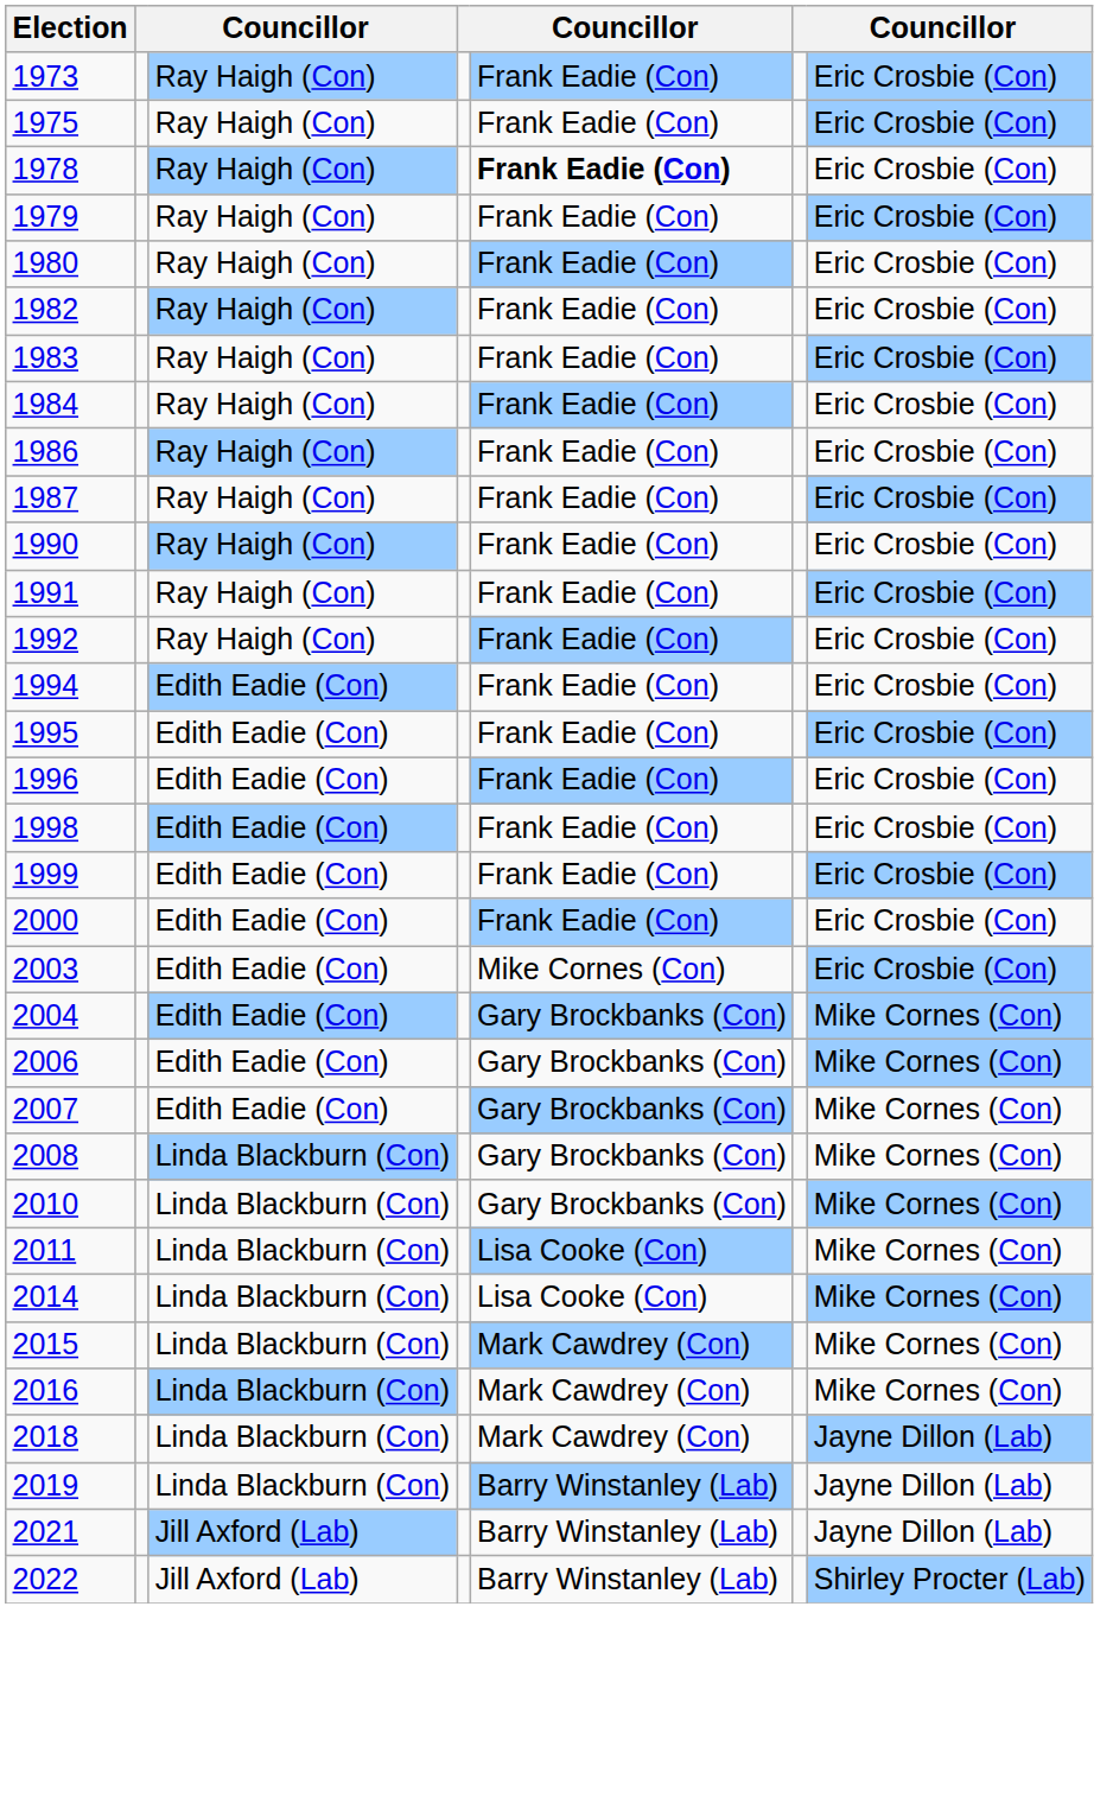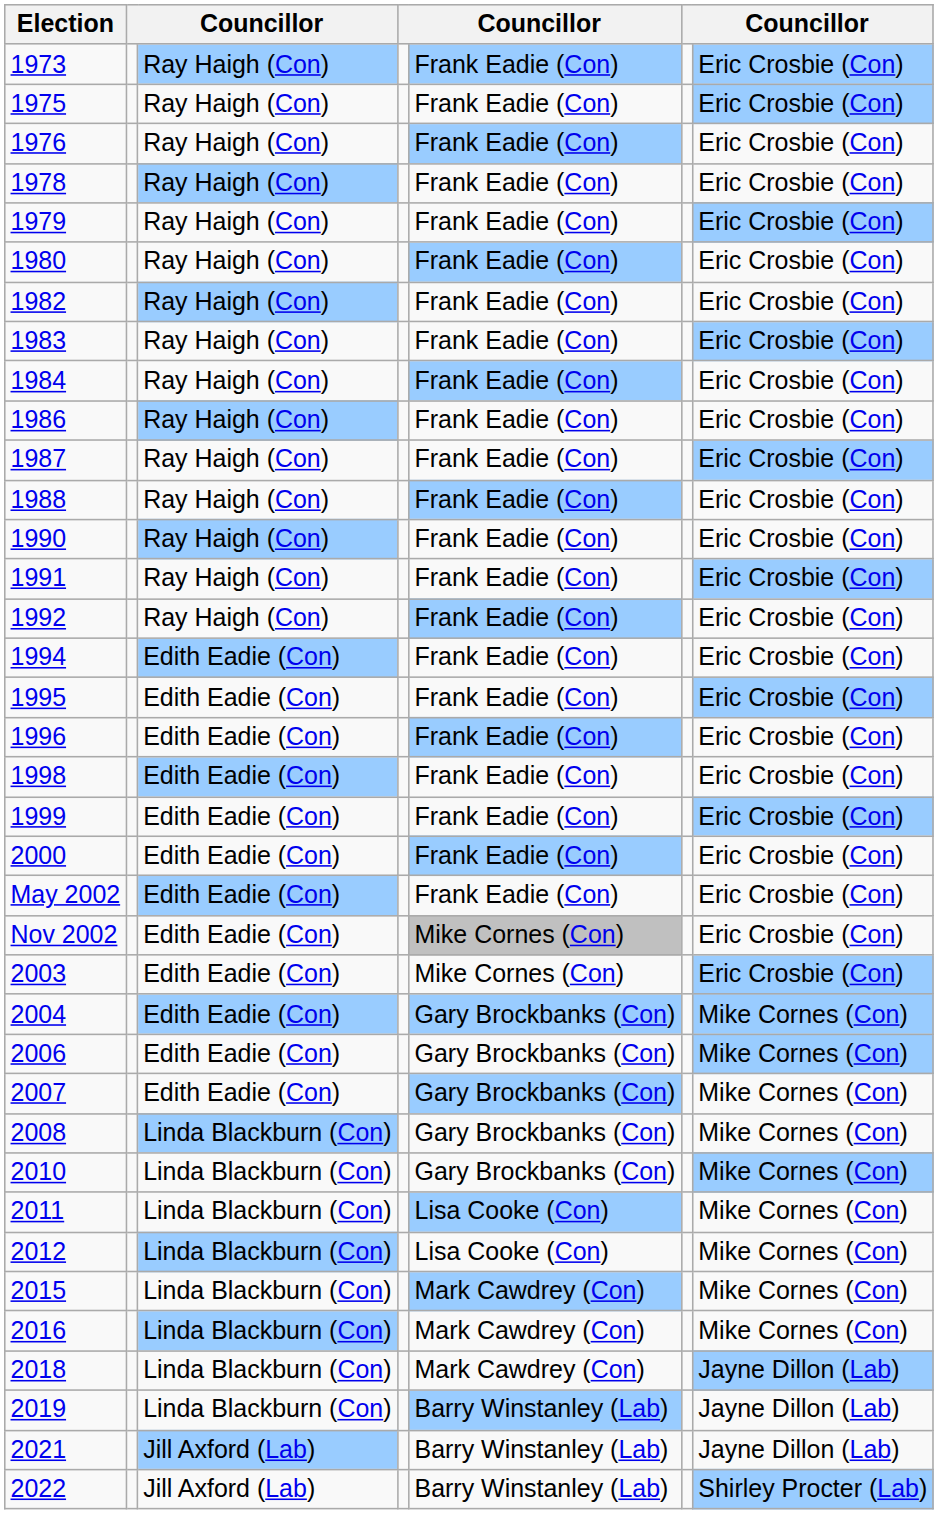 <table class="wikitable">
 <tr>
 <th>Election</th>
 <th colspan="2">Councillor</th>
 <th colspan="2">Councillor</th>
 <th colspan="2">Councillor</th>
 </tr>
 <tr>
 <td><a href='#'>1973</a></td>
 <td style="background-color: "></td>
 <td bgcolor="#99CCFF">Ray Haigh (<a href='#'>Con</a>)</td>
 <td style="background-color: "></td>
 <td bgcolor="#99CCFF">Frank Eadie (<a href='#'>Con</a>)</td>
 <td style="background-color: "></td>
 <td bgcolor="#99CCFF">Eric Crosbie (<a href='#'>Con</a>)</td>
 </tr>
 <tr>
 <td><a href='#'>1975</a></td>
 <td style="background-color: "></td>
 <td>Ray Haigh (<a href='#'>Con</a>)</td>
 <td style="background-color: "></td>
 <td>Frank Eadie (<a href='#'>Con</a>)</td>
 <td style="background-color: "></td>
 <td bgcolor="#99CCFF">Eric Crosbie (<a href='#'>Con</a>)</td>
 </tr>
 <tr>
+<td><a href='#'>1976</a></td>
+<td style="background-color: "></td>
+<td>Ray Haigh (<a href='#'>Con</a>)</td>
+<td style="background-color: "></td>
+<td bgcolor="#99CCFF">Frank Eadie (<a href='#'>Con</a>)</td>
+<td style="background-color: "></td>
+<td>Eric Crosbie (<a href='#'>Con</a>)</td>
+</tr>
+<tr>
 <td><a href='#'>1978</a></td>
 <td style="background-color: "></td>
 <td bgcolor="#99CCFF">Ray Haigh (<a href='#'>Con</a>)</td>
 <td style="background-color: "></td>
-<td><strong>Frank Eadie (<a href='#'>Con</a>)</strong></td>
+<td>Frank Eadie (<a href='#'>Con</a>)</td>
 <td style="background-color: "></td>
 <td>Eric Crosbie (<a href='#'>Con</a>)</td>
 </tr>
 <tr>
 <td><a href='#'>1979</a></td>
 <td style="background-color: "></td>
 <td>Ray Haigh (<a href='#'>Con</a>)</td>
 <td style="background-color: "></td>
 <td>Frank Eadie (<a href='#'>Con</a>)</td>
 <td style="background-color: "></td>
 <td bgcolor="#99CCFF">Eric Crosbie (<a href='#'>Con</a>)</td>
 </tr>
 <tr>
 <td><a href='#'>1980</a></td>
 <td style="background-color: "></td>
 <td>Ray Haigh (<a href='#'>Con</a>)</td>
 <td style="background-color: "></td>
 <td bgcolor="#99CCFF">Frank Eadie (<a href='#'>Con</a>)</td>
 <td style="background-color: "></td>
 <td>Eric Crosbie (<a href='#'>Con</a>)</td>
 </tr>
 <tr>
 <td><a href='#'>1982</a></td>
 <td style="background-color: "></td>
 <td bgcolor="#99CCFF">Ray Haigh (<a href='#'>Con</a>)</td>
 <td style="background-color: "></td>
 <td>Frank Eadie (<a href='#'>Con</a>)</td>
 <td style="background-color: "></td>
 <td>Eric Crosbie (<a href='#'>Con</a>)</td>
 </tr>
 <tr>
 <td><a href='#'>1983</a></td>
 <td style="background-color: "></td>
 <td>Ray Haigh (<a href='#'>Con</a>)</td>
 <td style="background-color: "></td>
 <td>Frank Eadie (<a href='#'>Con</a>)</td>
 <td style="background-color: "></td>
 <td bgcolor="#99CCFF">Eric Crosbie (<a href='#'>Con</a>)</td>
 </tr>
 <tr>
 <td><a href='#'>1984</a></td>
 <td style="background-color: "></td>
 <td>Ray Haigh (<a href='#'>Con</a>)</td>
 <td style="background-color: "></td>
 <td bgcolor="#99CCFF">Frank Eadie (<a href='#'>Con</a>)</td>
 <td style="background-color: "></td>
 <td>Eric Crosbie (<a href='#'>Con</a>)</td>
 </tr>
 <tr>
 <td><a href='#'>1986</a></td>
 <td style="background-color: "></td>
 <td bgcolor="#99CCFF">Ray Haigh (<a href='#'>Con</a>)</td>
 <td style="background-color: "></td>
 <td>Frank Eadie (<a href='#'>Con</a>)</td>
 <td style="background-color: "></td>
 <td>Eric Crosbie (<a href='#'>Con</a>)</td>
 </tr>
 <tr>
 <td><a href='#'>1987</a></td>
 <td style="background-color: "></td>
 <td>Ray Haigh (<a href='#'>Con</a>)</td>
 <td style="background-color: "></td>
 <td>Frank Eadie (<a href='#'>Con</a>)</td>
 <td style="background-color: "></td>
 <td bgcolor="#99CCFF">Eric Crosbie (<a href='#'>Con</a>)</td>
+</tr>
+<tr>
+<td><a href='#'>1988</a></td>
+<td style="background-color: "></td>
+<td>Ray Haigh (<a href='#'>Con</a>)</td>
+<td style="background-color: "></td>
+<td bgcolor="#99CCFF">Frank Eadie (<a href='#'>Con</a>)</td>
+<td style="background-color: "></td>
+<td>Eric Crosbie (<a href='#'>Con</a>)</td>
 </tr>
 <tr>
 <td><a href='#'>1990</a></td>
 <td style="background-color: "></td>
 <td bgcolor="#99CCFF">Ray Haigh (<a href='#'>Con</a>)</td>
 <td style="background-color: "></td>
 <td>Frank Eadie (<a href='#'>Con</a>)</td>
 <td style="background-color: "></td>
 <td>Eric Crosbie (<a href='#'>Con</a>)</td>
 </tr>
 <tr>
 <td><a href='#'>1991</a></td>
 <td style="background-color: "></td>
 <td>Ray Haigh (<a href='#'>Con</a>)</td>
 <td style="background-color: "></td>
 <td>Frank Eadie (<a href='#'>Con</a>)</td>
 <td style="background-color: "></td>
 <td bgcolor="#99CCFF">Eric Crosbie (<a href='#'>Con</a>)</td>
 </tr>
 <tr>
 <td><a href='#'>1992</a></td>
 <td style="background-color: "></td>
 <td>Ray Haigh (<a href='#'>Con</a>)</td>
 <td style="background-color: "></td>
 <td bgcolor="#99CCFF">Frank Eadie (<a href='#'>Con</a>)</td>
 <td style="background-color: "></td>
 <td>Eric Crosbie (<a href='#'>Con</a>)</td>
 </tr>
 <tr>
 <td><a href='#'>1994</a></td>
 <td style="background-color: "></td>
 <td bgcolor="#99CCFF">Edith Eadie (<a href='#'>Con</a>)</td>
 <td style="background-color: "></td>
 <td>Frank Eadie (<a href='#'>Con</a>)</td>
 <td style="background-color: "></td>
 <td>Eric Crosbie (<a href='#'>Con</a>)</td>
 </tr>
 <tr>
 <td><a href='#'>1995</a></td>
 <td style="background-color: "></td>
 <td>Edith Eadie (<a href='#'>Con</a>)</td>
 <td style="background-color: "></td>
 <td>Frank Eadie (<a href='#'>Con</a>)</td>
 <td style="background-color: "></td>
 <td bgcolor="#99CCFF">Eric Crosbie (<a href='#'>Con</a>)</td>
 </tr>
 <tr>
 <td><a href='#'>1996</a></td>
 <td style="background-color: "></td>
 <td>Edith Eadie (<a href='#'>Con</a>)</td>
 <td style="background-color: "></td>
 <td bgcolor="#99CCFF">Frank Eadie (<a href='#'>Con</a>)</td>
 <td style="background-color: "></td>
 <td>Eric Crosbie (<a href='#'>Con</a>)</td>
 </tr>
 <tr>
 <td><a href='#'>1998</a></td>
 <td style="background-color: "></td>
 <td bgcolor="#99CCFF">Edith Eadie (<a href='#'>Con</a>)</td>
 <td style="background-color: "></td>
 <td>Frank Eadie (<a href='#'>Con</a>)</td>
 <td style="background-color: "></td>
 <td>Eric Crosbie (<a href='#'>Con</a>)</td>
 </tr>
 <tr>
 <td><a href='#'>1999</a></td>
 <td style="background-color: "></td>
 <td>Edith Eadie (<a href='#'>Con</a>)</td>
 <td style="background-color: "></td>
 <td>Frank Eadie (<a href='#'>Con</a>)</td>
 <td style="background-color: "></td>
 <td bgcolor="#99CCFF">Eric Crosbie (<a href='#'>Con</a>)</td>
 </tr>
 <tr>
 <td><a href='#'>2000</a></td>
 <td style="background-color: "></td>
 <td>Edith Eadie (<a href='#'>Con</a>)</td>
 <td style="background-color: "></td>
 <td bgcolor="#99CCFF">Frank Eadie (<a href='#'>Con</a>)</td>
 <td style="background-color: "></td>
 <td>Eric Crosbie (<a href='#'>Con</a>)</td>
 </tr>
 <tr>
+<td><a href='#'>May 2002</a></td>
+<td style="background-color: "></td>
+<td bgcolor="#99CCFF">Edith Eadie (<a href='#'>Con</a>)</td>
+<td style="background-color: "></td>
+<td>Frank Eadie (<a href='#'>Con</a>)</td>
+<td style="background-color: "></td>
+<td>Eric Crosbie (<a href='#'>Con</a>)</td>
+</tr>
+<tr>
+<td><a href='#'>Nov 2002</a></td>
+<td style="background-color: "></td>
+<td>Edith Eadie (<a href='#'>Con</a>)</td>
+<td style="background-color: "></td>
+<td bgcolor="#C0C0C0">Mike Cornes (<a href='#'>Con</a>)</td>
+<td style="background-color: "></td>
+<td>Eric Crosbie (<a href='#'>Con</a>)</td>
+</tr>
+<tr>
 <td><a href='#'>2003</a></td>
 <td style="background-color: "></td>
 <td>Edith Eadie (<a href='#'>Con</a>)</td>
 <td style="background-color: "></td>
 <td>Mike Cornes (<a href='#'>Con</a>)</td>
 <td style="background-color: "></td>
 <td bgcolor="#99CCFF">Eric Crosbie (<a href='#'>Con</a>)</td>
 </tr>
 <tr>
 <td><a href='#'>2004</a></td>
 <td style="background-color: "></td>
 <td bgcolor="#99CCFF">Edith Eadie (<a href='#'>Con</a>)</td>
 <td style="background-color: "></td>
 <td bgcolor="#99CCFF">Gary Brockbanks (<a href='#'>Con</a>)</td>
 <td style="background-color: "></td>
 <td bgcolor="#99CCFF">Mike Cornes (<a href='#'>Con</a>)</td>
 </tr>
 <tr>
 <td><a href='#'>2006</a></td>
 <td style="background-color: "></td>
 <td>Edith Eadie (<a href='#'>Con</a>)</td>
 <td style="background-color: "></td>
 <td>Gary Brockbanks (<a href='#'>Con</a>)</td>
 <td style="background-color: "></td>
 <td bgcolor="#99CCFF">Mike Cornes (<a href='#'>Con</a>)</td>
 </tr>
 <tr>
 <td><a href='#'>2007</a></td>
 <td style="background-color: "></td>
 <td>Edith Eadie (<a href='#'>Con</a>)</td>
 <td style="background-color: "></td>
 <td bgcolor="#99CCFF">Gary Brockbanks (<a href='#'>Con</a>)</td>
 <td style="background-color: "></td>
 <td>Mike Cornes (<a href='#'>Con</a>)</td>
 </tr>
 <tr>
 <td><a href='#'>2008</a></td>
 <td style="background-color: "></td>
 <td bgcolor="#99CCFF">Linda Blackburn (<a href='#'>Con</a>)</td>
 <td style="background-color: "></td>
 <td>Gary Brockbanks (<a href='#'>Con</a>)</td>
 <td style="background-color: "></td>
 <td>Mike Cornes (<a href='#'>Con</a>)</td>
 </tr>
 <tr>
 <td><a href='#'>2010</a></td>
 <td style="background-color: "></td>
 <td>Linda Blackburn (<a href='#'>Con</a>)</td>
 <td style="background-color: "></td>
 <td>Gary Brockbanks (<a href='#'>Con</a>)</td>
 <td style="background-color: "></td>
 <td bgcolor="#99CCFF">Mike Cornes (<a href='#'>Con</a>)</td>
 </tr>
 <tr>
 <td><a href='#'>2011</a></td>
 <td style="background-color: "></td>
 <td>Linda Blackburn (<a href='#'>Con</a>)</td>
 <td style="background-color: "></td>
 <td bgcolor="#99CCFF">Lisa Cooke (<a href='#'>Con</a>)</td>
 <td style="background-color: "></td>
 <td>Mike Cornes (<a href='#'>Con</a>)</td>
 </tr>
 <tr>
-<td><a href='#'>2014</a></td>
+<td><a href='#'>2012</a></td>
 <td style="background-color: "></td>
-<td>Linda Blackburn (<a href='#'>Con</a>)</td>
+<td bgcolor="#99CCFF">Linda Blackburn (<a href='#'>Con</a>)</td>
 <td style="background-color: "></td>
 <td>Lisa Cooke (<a href='#'>Con</a>)</td>
 <td style="background-color: "></td>
-<td bgcolor="#99CCFF">Mike Cornes (<a href='#'>Con</a>)</td>
+<td>Mike Cornes (<a href='#'>Con</a>)</td>
 </tr>
 <tr>
 <td><a href='#'>2015</a></td>
 <td style="background-color: "></td>
 <td>Linda Blackburn (<a href='#'>Con</a>)</td>
 <td style="background-color: "></td>
 <td bgcolor="#99CCFF">Mark Cawdrey (<a href='#'>Con</a>)</td>
 <td style="background-color: "></td>
 <td>Mike Cornes (<a href='#'>Con</a>)</td>
 </tr>
 <tr>
 <td><a href='#'>2016</a></td>
 <td style="background-color: "></td>
 <td bgcolor="#99CCFF">Linda Blackburn (<a href='#'>Con</a>)</td>
 <td style="background-color: "></td>
 <td>Mark Cawdrey (<a href='#'>Con</a>)</td>
 <td style="background-color: "></td>
 <td>Mike Cornes (<a href='#'>Con</a>)</td>
 </tr>
 <tr>
 <td><a href='#'>2018</a></td>
 <td style="background-color: "></td>
 <td>Linda Blackburn (<a href='#'>Con</a>)</td>
 <td style="background-color: "></td>
 <td>Mark Cawdrey (<a href='#'>Con</a>)</td>
 <td style="background-color: "></td>
 <td bgcolor="#99CCFF">Jayne Dillon (<a href='#'>Lab</a>)</td>
 </tr>
 <tr>
 <td><a href='#'>2019</a></td>
 <td style="background-color: "></td>
 <td>Linda Blackburn (<a href='#'>Con</a>)</td>
 <td style="background-color: "></td>
 <td bgcolor="#99CCFF">Barry Winstanley (<a href='#'>Lab</a>)</td>
 <td style="background-color: "></td>
 <td>Jayne Dillon (<a href='#'>Lab</a>)</td>
 </tr>
 <tr>
 <td><a href='#'>2021</a></td>
 <td style="background-color: "></td>
 <td bgcolor="#99CCFF">Jill Axford (<a href='#'>Lab</a>)</td>
 <td style="background-color: "></td>
 <td>Barry Winstanley (<a href='#'>Lab</a>)</td>
 <td style="background-color: "></td>
 <td>Jayne Dillon (<a href='#'>Lab</a>)</td>
 </tr>
 <tr>
 <td><a href='#'>2022</a></td>
 <td style="background-color: "></td>
 <td>Jill Axford (<a href='#'>Lab</a>)</td>
 <td style="background-color: "></td>
 <td>Barry Winstanley (<a href='#'>Lab</a>)</td>
 <td style="background-color: "></td>
 <td bgcolor="#99CCFF">Shirley Procter (<a href='#'>Lab</a>)</td>
 </tr>
 </table>
